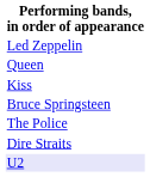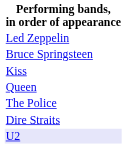 <table align=right>
 <tr>
 <th>Performing bands,<br>in order of appearance</th>
 </tr>
 <tr>
 <td><a href='#'>Led Zeppelin</a></td>
 </tr>
 <tr>
-<td><a href='#'>Queen</a></td>
+<td><a href='#'>Bruce Springsteen</a></td>
 </tr>
 <tr>
 <td><a href='#'>Kiss</a></td>
 </tr>
 <tr>
-<td><a href='#'>Bruce Springsteen</a></td>
+<td><a href='#'>Queen</a></td>
 </tr>
 <tr>
 <td><a href='#'>The Police</a></td>
 </tr>
 <tr>
 <td><a href='#'>Dire Straits</a></td>
 </tr>
 <tr>
 <td style="background: lavender;"><a href='#'>U2</a></td>
 </tr>
 </table>
